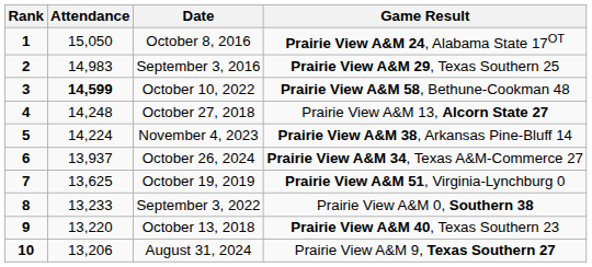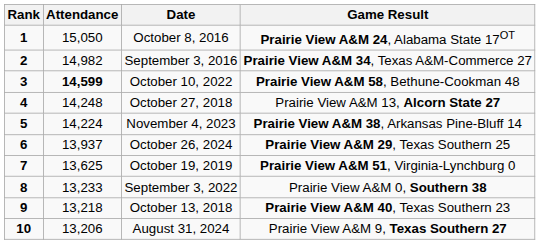 <table class="wikitable">
 <tr>
 <th>Rank</th>
 <th>Attendance</th>
 <th>Date</th>
 <th>Game Result</th>
 </tr>
 <tr align="center">
 <td><strong>1</strong></td>
 <td>15,050</td>
 <td>October 8, 2016</td>
 <td><strong>Prairie View A&M 24</strong>, Alabama State 17<sup>OT</sup></td>
 </tr>
 <tr align="center">
 <td><strong>2</strong></td>
-<td>14,983</td>
+<td>14,982</td>
 <td>September 3, 2016</td>
-<td><strong>Prairie View A&M 29</strong>, Texas Southern 25</td>
+<td><strong>Prairie View A&M 34</strong>, Texas A&M-Commerce 27</td>
 </tr>
 <tr align="center">
 <td><strong>3</strong></td>
 <td><strong>14,599</strong></td>
 <td>October 10, 2022</td>
 <td><strong>Prairie View A&M 58</strong>, Bethune-Cookman 48</td>
 </tr>
 <tr align="center">
 <td><strong>4</strong></td>
 <td>14,248</td>
 <td>October 27, 2018</td>
 <td>Prairie View A&M 13, <strong>Alcorn State 27</strong></td>
 </tr>
 <tr align="center">
 <td><strong>5</strong></td>
 <td>14,224</td>
 <td>November 4, 2023</td>
 <td><strong>Prairie View A&M 38</strong>, Arkansas Pine-Bluff 14</td>
 </tr>
 <tr align="center">
 <td><strong>6</strong></td>
 <td>13,937</td>
 <td>October 26, 2024</td>
-<td><strong>Prairie View A&M 34</strong>, Texas A&M-Commerce 27</td>
+<td><strong>Prairie View A&M 29</strong>, Texas Southern 25</td>
 </tr>
 <tr align="center">
 <td><strong>7</strong></td>
 <td>13,625</td>
 <td>October 19, 2019</td>
 <td><strong>Prairie View A&M 51</strong>, Virginia-Lynchburg 0</td>
 </tr>
 <tr align="center">
 <td><strong>8</strong></td>
 <td>13,233</td>
 <td>September 3, 2022</td>
 <td>Prairie View A&M 0, <strong>Southern 38</strong></td>
 </tr>
 <tr align="center">
 <td><strong>9</strong></td>
-<td>13,220</td>
+<td>13,218</td>
 <td>October 13, 2018</td>
 <td><strong>Prairie View A&M 40</strong>, Texas Southern 23</td>
 </tr>
 <tr align="center">
 <td><strong>10</strong></td>
 <td>13,206</td>
 <td>August 31, 2024</td>
 <td>Prairie View A&M 9, <strong>Texas Southern 27</strong></td>
 </tr>
 </table>
